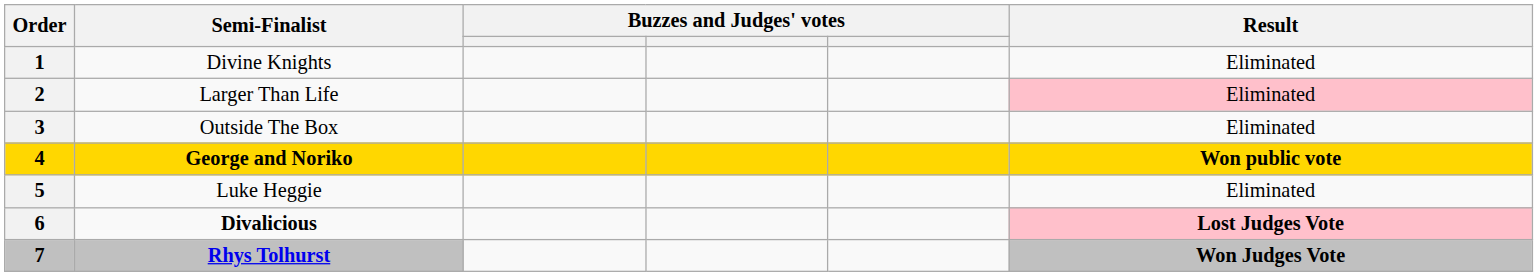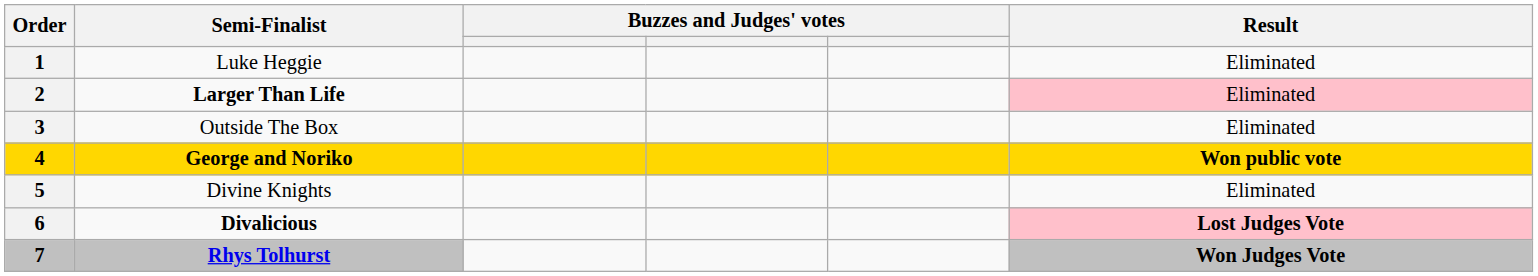 <table class="wikitable plainrowheaders sortable" style="text-align:center" width="76%;">
 <tr>
 <th scope="col" rowspan="2" style="width:1em;">Order</th>
 <th scope="col" rowspan="2" class="unsortable" style="width:17em;">Semi-Finalist</th>
 <th scope="col" colspan="3" class="unsortable" style="width:24em;">Buzzes and Judges' votes</th>
 <th scope="col" rowspan="2" style="width:23em;">Result</th>
 </tr>
 <tr>
 <th scope="col" class="unsortable" style="width:6em;"></th>
 <th scope="col" class="unsortable" style="width:6em;"></th>
 <th scope="col" class="unsortable" style="width:6em;"></th>
 </tr>
 <tr>
 <th>1</th>
-<td>Divine Knights</td>
+<td>Luke Heggie</td>
 <td></td>
 <td></td>
 <td style="text-align:center;"></td>
 <td>Eliminated</td>
 </tr>
 <tr>
 <th>2</th>
-<td>Larger Than Life</td>
+<td><strong>Larger Than Life</strong></td>
 <td></td>
 <td></td>
 <td></td>
 <td style="background: pink;">Eliminated</td>
 </tr>
 <tr>
 <th>3</th>
 <td>Outside The Box</td>
 <td></td>
 <td></td>
 <td></td>
 <td>Eliminated</td>
 </tr>
 <tr>
 <th style="background:gold;">4</th>
 <td style="background:gold;"><strong>George and Noriko</strong></td>
 <td style="background:gold;"></td>
 <td style="background:gold;"></td>
 <td style="background:gold;"></td>
 <td style="background:gold;"><strong>Won public vote</strong></td>
 </tr>
 <tr>
 <th>5</th>
-<td>Luke Heggie</td>
+<td>Divine Knights</td>
 <td></td>
 <td></td>
 <td></td>
 <td>Eliminated</td>
 </tr>
 <tr>
 <th>6</th>
 <td><strong>Divalicious</strong></td>
 <td style="text-align: center;"></td>
 <td style="text-align: center;"></td>
 <td style="text-align: center;"></td>
 <td style="background: pink;"><strong>Lost Judges Vote</strong></td>
 </tr>
 <tr>
 <th style="background:silver;">7</th>
 <td style="background:silver;"><strong><a href='#'>Rhys Tolhurst</a></strong></td>
 <td style="text-align: center;"></td>
 <td style="text-align: center;"></td>
 <td style="text-align: center;"></td>
 <td style="background:silver;"><strong>Won Judges Vote</strong></td>
 </tr>
 </table>
